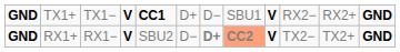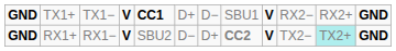 <table class="wikitable">
 <tr>
 <td><strong>GND</strong></td>
 <td style="color:gray">TX1+</td>
 <td style="color:gray">TX1−</td>
 <td><strong>V</strong></td>
 <td><strong>CC1</strong></td>
 <td style="color:gray">D+</td>
 <td style="color:gray">D−</td>
 <td style="color:gray">SBU1</td>
 <td><strong>V</strong></td>
 <td style="color:gray">RX2−</td>
 <td style="color:gray">RX2+</td>
 <td><strong>GND</strong></td>
 </tr>
 <tr -->
 <td><strong>GND</strong></td>
 <td style="color:gray">RX1+</td>
 <td style="color:gray">RX1−</td>
 <td><strong>V</strong></td>
 <td style="color:gray">SBU2</td>
 <td style="color:gray">D−</td>
-<td style="color:gray"><strong>D+</strong></td>
-<td style="background: lightsalmon; color:gray"><strong>CC2</strong></td>
+<td style="color:gray">D+</td>
+<td style="color:gray"><strong>CC2</strong></td>
 <td><strong>V</strong></td>
 <td style="color:gray">TX2−</td>
-<td style="color:gray">TX2+</td>
+<td style="background: paleturquoise; color:gray">TX2+</td>
 <td><strong>GND</strong></td>
 </tr>
 </table>
